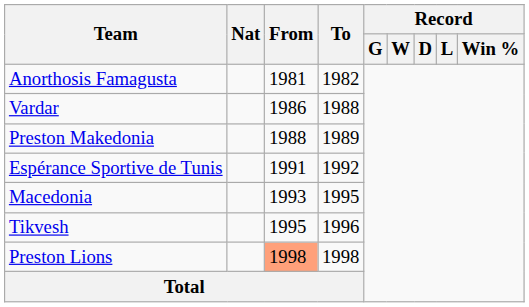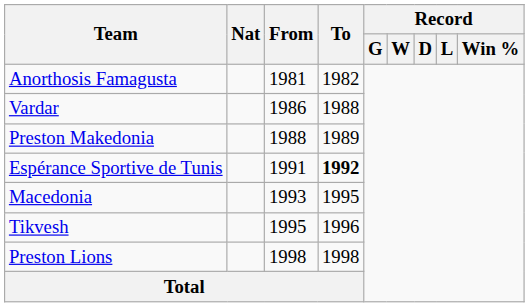 <table class="wikitable" style="text-align:center">
 <tr>
 <th rowspan="2">Team</th>
 <th rowspan="2">Nat</th>
 <th rowspan="2">From</th>
 <th rowspan="2">To</th>
 <th colspan="6">Record</th>
 </tr>
 <tr>
 <th>G</th>
 <th>W</th>
 <th>D</th>
 <th>L</th>
 <th>Win %</th>
 </tr>
 <tr>
 <td align=left><a href='#'>Anorthosis Famagusta</a></td>
 <td></td>
 <td align=left>1981</td>
 <td align=left>1982<br></td>
 </tr>
 <tr>
 <td align=left><a href='#'>Vardar</a></td>
 <td></td>
 <td align=left>1986</td>
 <td align=left>1988<br></td>
 </tr>
 <tr>
 <td align=left><a href='#'>Preston Makedonia</a></td>
 <td></td>
 <td align=left>1988</td>
 <td align=left>1989<br></td>
 </tr>
 <tr>
 <td align=left><a href='#'>Espérance Sportive de Tunis</a></td>
 <td></td>
 <td align=left>1991</td>
-<td align=left>1992<br></td>
+<td align=left><strong>1992<br></strong></td>
 </tr>
 <tr>
 <td align=left><a href='#'>Macedonia</a></td>
 <td></td>
 <td align=left>1993</td>
 <td align=left>1995<br></td>
 </tr>
 <tr>
 <td align=left><a href='#'>Tikvesh</a></td>
 <td></td>
 <td align=left>1995</td>
 <td align=left>1996<br></td>
 </tr>
 <tr>
 <td align=left><a href='#'>Preston Lions</a></td>
 <td></td>
-<td align=left style="background: lightsalmon;">1998</td>
+<td align=left>1998</td>
 <td align=left>1998<br></td>
 </tr>
 <tr>
 <th colspan="4">Total<br></th>
 </tr>
 </table>
